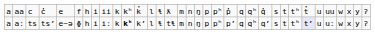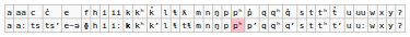 <table class="wikitable sortable">
 <tr>
 <td>a</td>
 <td>aa</td>
 <td>c</td>
 <td>c̓</td>
 <td>e</td>
 <td>f</td>
 <td>h</td>
 <td>i</td>
 <td>ii</td>
 <td>k</td>
 <td>kʰ</td>
 <td>k̓</td>
 <td>l</td>
 <td>ɬ</td>
 <td>ƛ</td>
 <td>m</td>
 <td>n</td>
 <td>ŋ</td>
 <td>p</td>
 <td>pʰ</td>
 <td>p̓</td>
 <td>q</td>
 <td>qʰ</td>
 <td>q̓</td>
 <td>s</td>
 <td>t</td>
 <td>tʰ</td>
 <td>t̓</td>
 <td>u</td>
 <td>uu</td>
 <td>w</td>
 <td>x</td>
 <td>y</td>
 <td>ʔ</td>
 </tr>
 <tr>
 <td>a</td>
 <td>aː</td>
 <td>ts</td>
 <td>tsʼ</td>
 <td>e~ə</td>
 <td>ɸ</td>
 <td>h</td>
 <td>i</td>
 <td>iː</td>
-<td>k</td>
-<td><strong>kʰ</strong></td>
+<td><strong>k</strong></td>
+<td>kʰ</td>
 <td>k’</td>
 <td>l</td>
 <td>ɬ</td>
 <td>tɬ</td>
 <td>m</td>
 <td>n</td>
 <td>ŋ</td>
 <td>p</td>
-<td>pʰ</td>
+<td style="background: pink;">pʰ</td>
 <td>p’</td>
 <td>q</td>
 <td>qʰ</td>
 <td>q’</td>
 <td>s</td>
 <td>t</td>
 <td>tʰ</td>
-<td style="background: lavender;">t’</td>
+<td>t’</td>
 <td>u</td>
 <td>uː</td>
 <td>w</td>
 <td>x</td>
 <td>y</td>
 <td>ʔ</td>
 </tr>
 </table>
